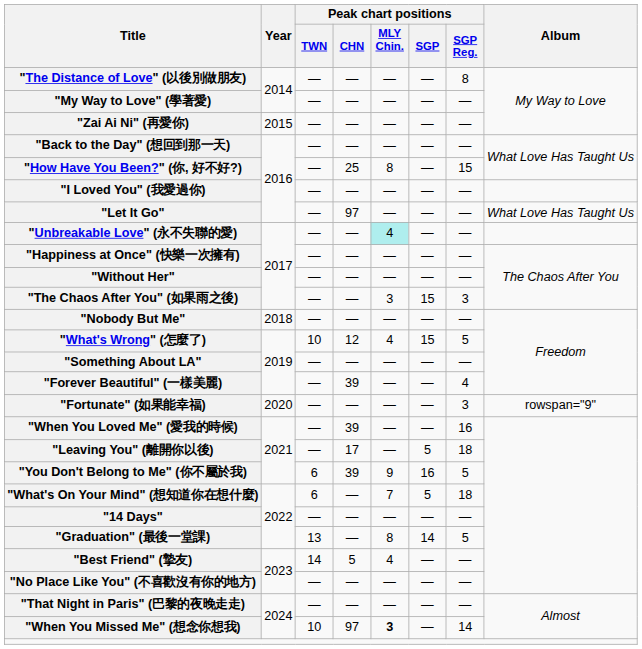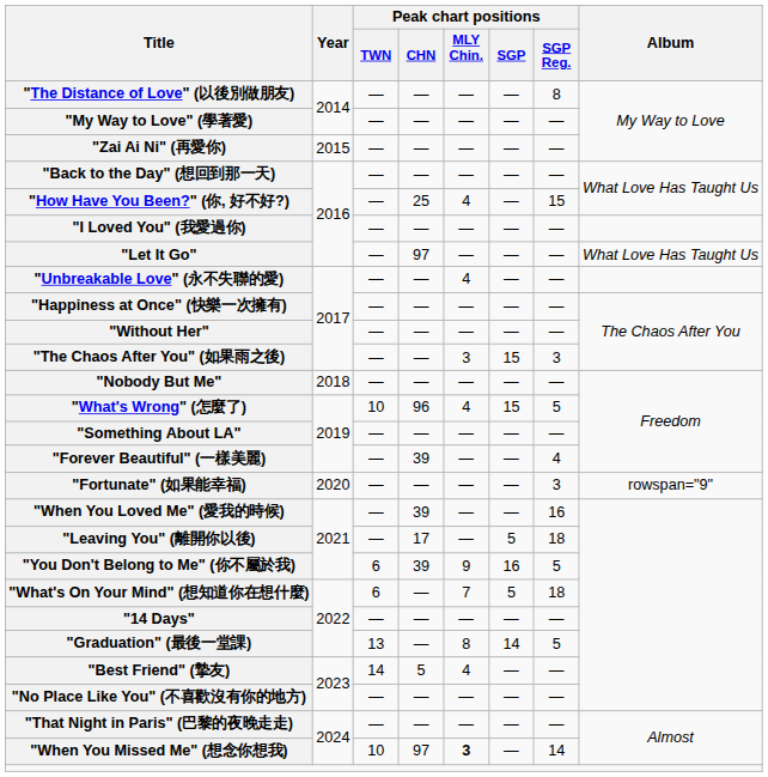 <table class="wikitable plainrowheaders" style="text-align:center;">
 <tr>
 <th rowspan="2" scope="col">Title</th>
 <th rowspan="2" scope="col">Year</th>
 <th colspan="5">Peak chart positions</th>
 <th rowspan="2" scope="col">Album</th>
 </tr>
 <tr>
 <th scope="col" style="width:2.85em;font-size:90%;"><a href='#'>TWN</a><br></th>
 <th scope="col" style="width:2.85em;font-size:90%;"><a href='#'>CHN</a><br></th>
 <th scope="col" style="width:2.85em;font-size:90%;"><a href='#'>MLY Chin.</a><br><br></th>
 <th scope="col" style="width:2.85em;font-size:90%;"><a href='#'>SGP</a><br></th>
 <th scope="col" style="width:2.85em;font-size:90%;"><a href='#'>SGP Reg.</a><br></th>
 </tr>
 <tr>
 <th scope="row">"<a href='#'>The Distance of Love</a>" (以後別做朋友)</th>
 <td rowspan="2">2014</td>
 <td>—</td>
 <td>—</td>
 <td>—</td>
 <td>—</td>
 <td>8</td>
 <td rowspan="3"><em>My Way to Love</em></td>
 </tr>
 <tr>
 <th scope="row">"My Way to Love" (學著愛)<br></th>
 <td>—</td>
 <td>—</td>
 <td>—</td>
 <td>—</td>
 <td>—</td>
 </tr>
 <tr>
 <th scope="row">"Zai Ai Ni" (再愛你)</th>
 <td>2015</td>
 <td>—</td>
 <td>—</td>
 <td>—</td>
 <td>—</td>
 <td>—</td>
 </tr>
 <tr>
 <th scope="row">"Back to the Day" (想回到那一天)</th>
 <td rowspan="4">2016</td>
 <td>—</td>
 <td>—</td>
 <td>—</td>
 <td>—</td>
 <td>—</td>
 <td rowspan="2"><em>What Love Has Taught Us</em></td>
 </tr>
 <tr>
 <th scope="row">"<a href='#'>How Have You Been?</a>" (你, 好不好?)</th>
 <td>—</td>
 <td>25</td>
-<td>8</td>
+<td>4</td>
 <td>—</td>
 <td>15</td>
 </tr>
 <tr>
 <th scope="row">"I Loved You" (我愛過你)</th>
 <td>—</td>
 <td>—</td>
 <td>—</td>
 <td>—</td>
 <td>—</td>
 <td></td>
 </tr>
 <tr>
 <th scope="row">"Let It Go"</th>
 <td>—</td>
 <td>97</td>
 <td>—</td>
 <td>—</td>
 <td>—</td>
 <td><em>What Love Has Taught Us</em></td>
 </tr>
 <tr>
 <th scope="row">"<a href='#'>Unbreakable Love</a>" (永不失聯的愛)</th>
 <td rowspan="4">2017</td>
 <td>—</td>
 <td>—</td>
-<td style="background: paleturquoise;">4</td>
+<td>4</td>
 <td>—</td>
 <td>—</td>
 <td></td>
 </tr>
 <tr>
 <th scope="row">"Happiness at Once" (快樂一次擁有)</th>
 <td>—</td>
 <td>—</td>
 <td>—</td>
 <td>—</td>
 <td>—</td>
 <td rowspan="3"><em>The Chaos After You</em></td>
 </tr>
 <tr>
 <th scope="row">"Without Her"</th>
 <td>—</td>
 <td>—</td>
 <td>—</td>
 <td>—</td>
 <td>—</td>
 </tr>
 <tr>
 <th scope="row">"The Chaos After You" (如果雨之後)</th>
 <td>—</td>
 <td>—</td>
 <td>3</td>
 <td>15</td>
 <td>3</td>
 </tr>
 <tr>
 <th scope="row">"Nobody But Me"</th>
 <td>2018</td>
 <td>—</td>
 <td>—</td>
 <td>—</td>
 <td>—</td>
 <td>—</td>
 <td rowspan="4"><em>Freedom</em></td>
 </tr>
 <tr>
 <th scope="row">"<a href='#'>What's Wrong</a>" (怎麼了)</th>
 <td rowspan="3">2019</td>
 <td>10</td>
-<td>12</td>
+<td>96</td>
 <td>4</td>
 <td>15</td>
 <td>5</td>
 </tr>
 <tr>
 <th scope="row">"Something About LA"</th>
 <td>—</td>
 <td>—</td>
 <td>—</td>
 <td>—</td>
 <td>—</td>
 </tr>
 <tr>
 <th scope="row">"Forever Beautiful" (一樣美麗)</th>
 <td>—</td>
 <td>39</td>
 <td>—</td>
 <td>—</td>
 <td>4</td>
 </tr>
 <tr>
 <th scope="row">"Fortunate" (如果能幸福)</th>
 <td>2020</td>
 <td>—</td>
 <td>—</td>
 <td>—</td>
 <td>—</td>
 <td>3</td>
 <td>rowspan="9" </td>
 </tr>
 <tr>
 <th scope="row">"When You Loved Me" (愛我的時候)<br></th>
 <td rowspan="3">2021</td>
 <td>—</td>
 <td>39</td>
 <td>—</td>
 <td>—</td>
 <td>16</td>
 </tr>
 <tr>
 <th scope="row">"Leaving You" (離開你以後)</th>
 <td>—</td>
 <td>17</td>
 <td>—</td>
 <td>5</td>
 <td>18</td>
 </tr>
 <tr>
 <th scope="row">"You Don't Belong to Me" (你不屬於我)</th>
 <td>6</td>
 <td>39</td>
 <td>9</td>
 <td>16</td>
 <td>5</td>
 </tr>
 <tr>
 <th scope="row">"What's On Your Mind" (想知道你在想什麼)</th>
 <td rowspan="3">2022</td>
 <td>6</td>
 <td>—</td>
 <td>7</td>
 <td>5</td>
 <td>18</td>
 </tr>
 <tr>
 <th scope="row">"14 Days"</th>
 <td>—</td>
 <td>—</td>
 <td>—</td>
 <td>—</td>
 <td>—</td>
 </tr>
 <tr>
 <th scope="row">"Graduation" (最後一堂課)<br></th>
 <td>13</td>
 <td>—</td>
 <td>8</td>
 <td>14</td>
 <td>5</td>
 </tr>
 <tr>
 <th scope="row">"Best Friend" (摯友)</th>
 <td rowspan="2">2023</td>
 <td>14</td>
 <td>5</td>
 <td>4</td>
 <td>—</td>
 <td>—</td>
 </tr>
 <tr>
 <th scope="row">"No Place Like You" (不喜歡沒有你的地方)</th>
 <td>—</td>
 <td>—</td>
 <td>—</td>
 <td>—</td>
 <td>—</td>
 </tr>
 <tr>
 <th scope="row">"That Night in Paris" (巴黎的夜晚走走)</th>
 <td rowspan="2">2024</td>
 <td>—</td>
 <td>—</td>
 <td>—</td>
 <td>—</td>
 <td>—</td>
 <td rowspan="2"><em>Almost</em></td>
 </tr>
 <tr>
 <th scope="row">"When You Missed Me" (想念你想我)</th>
 <td>10</td>
 <td>97</td>
 <td><strong>3</strong></td>
 <td>—</td>
 <td>14</td>
 </tr>
 <tr>
 <td colspan="8"></td>
 </tr>
 </table>
